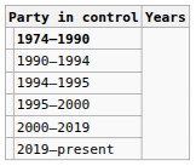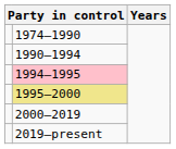 <table class="wikitable">
 <tr>
 <th colspan=2>Party in control</th>
 <th>Years</th>
 </tr>
 <tr>
 <td></td>
-<td><strong>1974–1990</strong></td>
+<td>1974–1990</td>
 </tr>
 <tr>
 <td></td>
 <td>1990–1994</td>
 </tr>
 <tr>
 <td></td>
-<td>1994–1995</td>
+<td style="background: pink;">1994–1995</td>
 </tr>
 <tr>
 <td></td>
-<td>1995–2000</td>
+<td style="background: khaki;">1995–2000</td>
 </tr>
 <tr>
 <td></td>
 <td>2000–2019</td>
 </tr>
 <tr>
 <td></td>
 <td>2019–present</td>
 </tr>
 </table>
